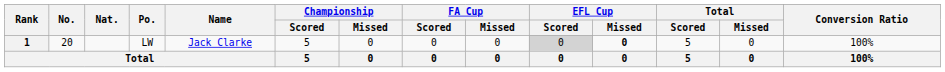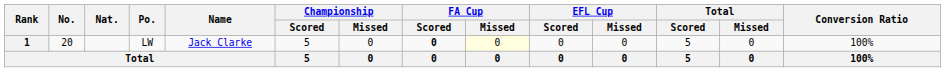 <table class="wikitable" style="text-align:center; font-size:95%; width:95%;">
 <tr>
 <th ! rowspan="2">Rank</th>
 <th rowspan="2">No.</th>
 <th rowspan="2">Nat.</th>
 <th rowspan="2">Po.</th>
 <th rowspan="2">Name</th>
 <th colspan="2"><a href='#'>Championship</a></th>
 <th colspan="2"><a href='#'>FA Cup</a></th>
 <th colspan="2"><a href='#'>EFL Cup</a></th>
 <th colspan="2">Total</th>
 <th rowspan="2">Conversion Ratio</th>
 </tr>
 <tr>
 <th>Scored </th>
 <th>Missed </th>
 <th>Scored </th>
 <th>Missed </th>
 <th>Scored </th>
 <th>Missed </th>
 <th>Scored </th>
 <th>Missed </th>
 </tr>
 <tr>
 <th rowspan=1>1</th>
 <td>20</td>
 <td></td>
 <td>LW</td>
 <td><a href='#'>Jack Clarke</a></td>
 <td>5</td>
 <td>0</td>
+<td><strong>0</strong></td>
+<td style="background: lightyellow;">0</td>
 <td>0</td>
 <td>0</td>
-<td style="background: lightgrey;">0</td>
-<td><strong>0</strong></td>
 <td>5</td>
 <td>0</td>
 <td>100%</td>
 </tr>
 <tr>
 <th colspan=5>Total</th>
 <th>5</th>
 <th>0</th>
 <th>0</th>
 <th>0</th>
 <th>0</th>
 <th>0</th>
 <th>5</th>
 <th>0</th>
 <th>100%</th>
 </tr>
 </table>
